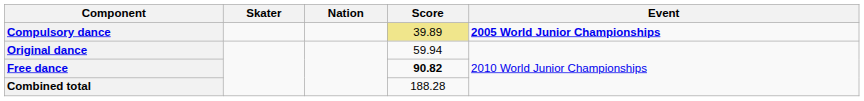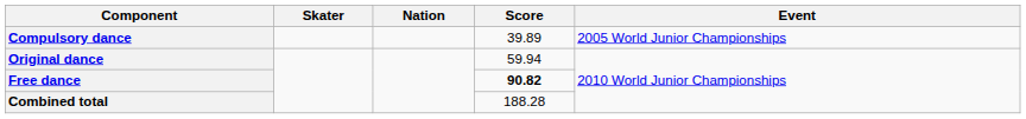 <table class="wikitable unsortable" style="text-align:left; width:75%">
 <tr>
 <th scope="col">Component</th>
 <th scope="col">Skater</th>
 <th scope="col">Nation</th>
 <th scope="col">Score</th>
 <th scope="col">Event</th>
 </tr>
 <tr>
 <th scope="row" style="text-align:left"><a href='#'>Compulsory dance</a></th>
 <td></td>
 <td></td>
-<td style="background: khaki; text-align:center">39.89</td>
-<td><strong><a href='#'>2005 World Junior Championships</a></strong></td>
+<td style="text-align:center">39.89</td>
+<td><a href='#'>2005 World Junior Championships</a></td>
 </tr>
 <tr>
 <th scope="row" style="text-align:left"><a href='#'>Original dance</a></th>
 <td rowspan="3"></td>
 <td rowspan="3"></td>
 <td style="text-align:center">59.94</td>
 <td rowspan="3"><a href='#'>2010 World Junior Championships</a></td>
 </tr>
 <tr>
 <th scope="row" style="text-align:left"><a href='#'>Free dance</a></th>
 <td style="text-align:center"><strong>90.82</strong></td>
 </tr>
 <tr>
 <th scope="row" style="text-align:left">Combined total</th>
 <td style="text-align:center">188.28</td>
 </tr>
 </table>
